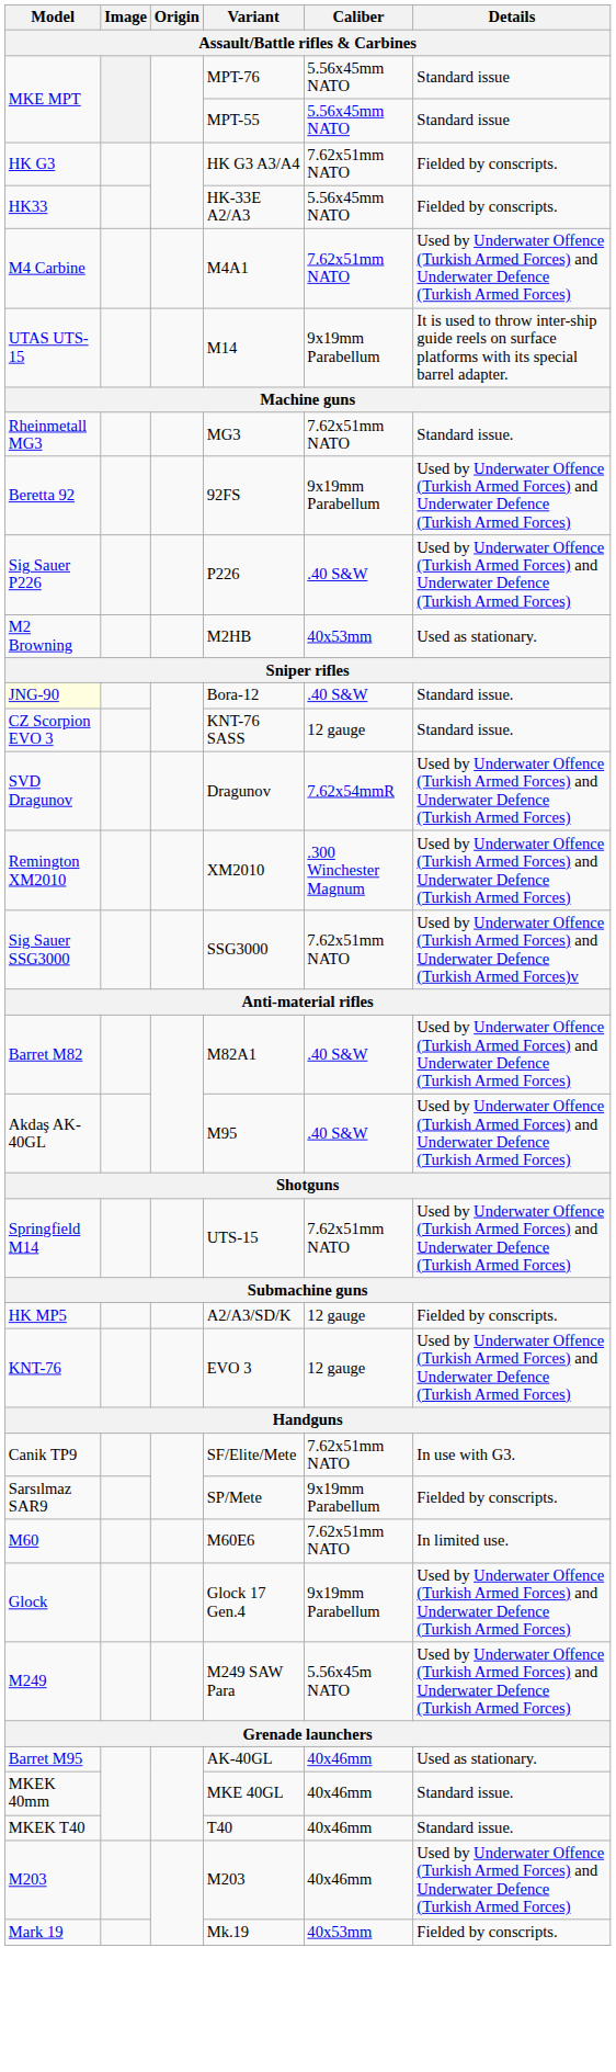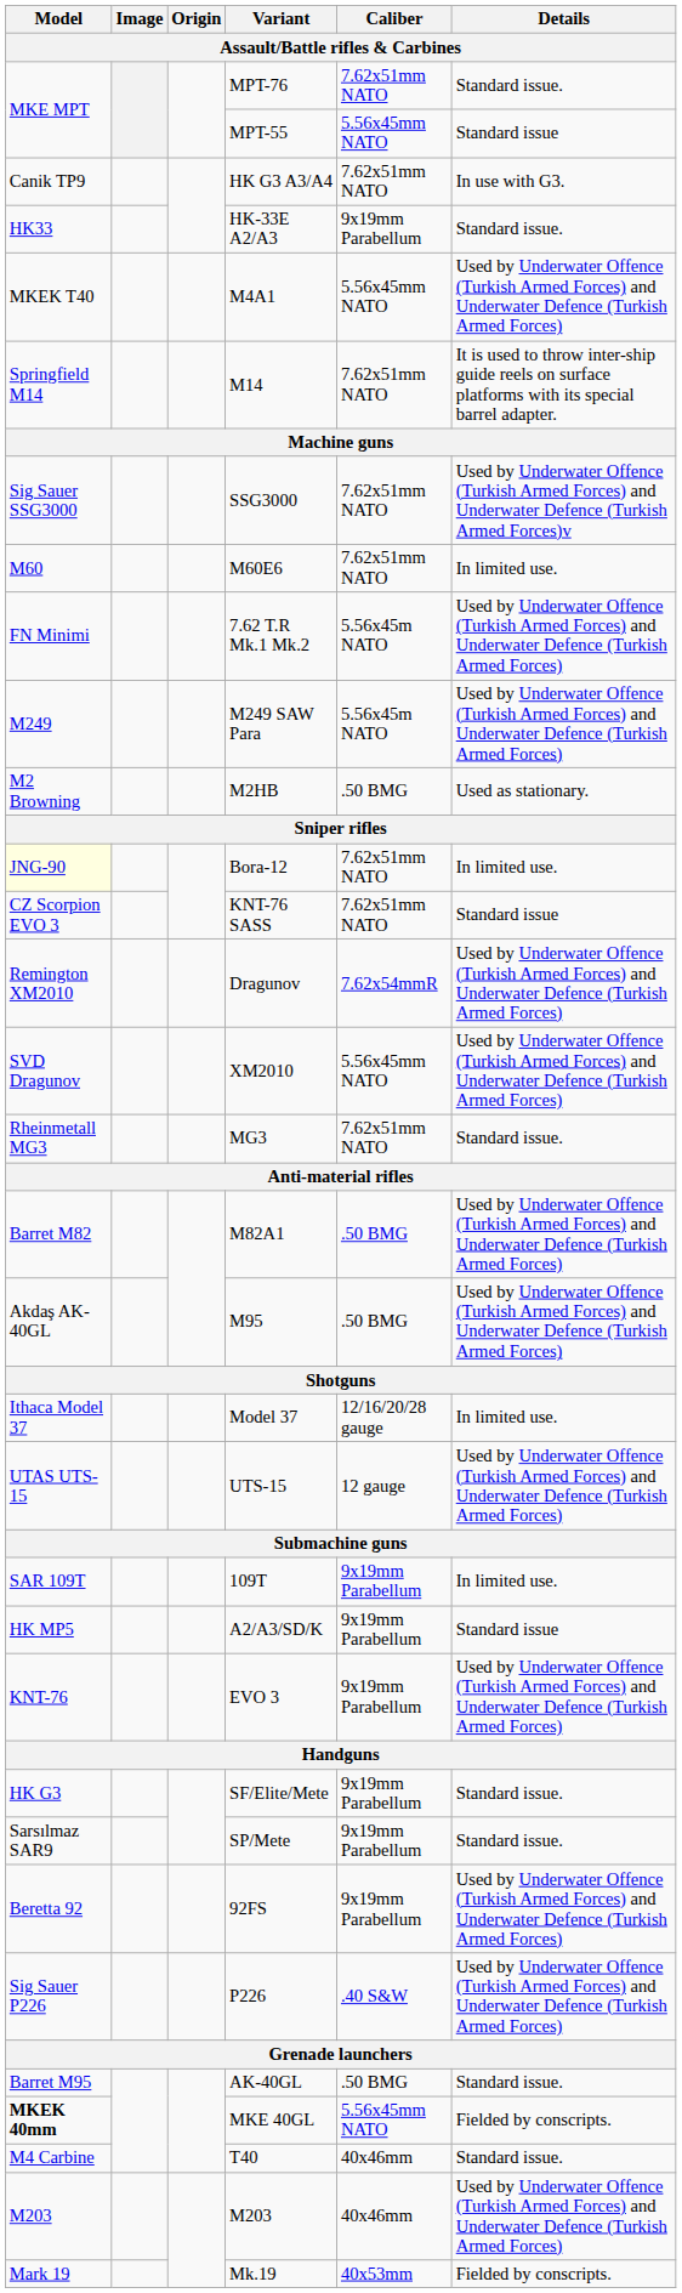 <table class="wikitable">
 <tr>
 <th>Model</th>
 <th>Image</th>
 <th>Origin</th>
 <th>Variant</th>
 <th>Caliber</th>
 <th>Details</th>
 </tr>
 <tr>
 <th colspan="6">Assault/Battle rifles & Carbines</th>
 </tr>
 <tr>
 <td rowspan="2"><a href='#'>MKE MPT</a></td>
 <th rowspan="2"></th>
 <td rowspan="2"></td>
 <td>MPT-76</td>
-<td>5.56x45mm NATO</td>
-<td>Standard issue</td>
+<td><a href='#'>7.62x51mm NATO</a></td>
+<td>Standard issue.</td>
 </tr>
 <tr>
 <td>MPT-55</td>
 <td><a href='#'>5.56x45mm NATO</a></td>
 <td>Standard issue</td>
 </tr>
 <tr>
-<td><a href='#'>HK G3</a></td>
+<td>Canik TP9</td>
 <td></td>
 <td rowspan="2"></td>
 <td>HK G3 A3/A4</td>
 <td>7.62x51mm NATO</td>
-<td>Fielded by conscripts.</td>
+<td>In use with G3.</td>
 </tr>
 <tr>
 <td><a href='#'>HK33</a></td>
 <td></td>
 <td>HK-33E A2/A3</td>
-<td>5.56x45mm NATO</td>
-<td>Fielded by conscripts.</td>
+<td>9x19mm Parabellum</td>
+<td>Standard issue.</td>
 </tr>
 <tr>
-<td><a href='#'>M4 Carbine</a></td>
+<td>MKEK T40</td>
 <td></td>
 <td></td>
 <td>M4A1</td>
-<td><a href='#'>7.62x51mm NATO</a></td>
+<td>5.56x45mm NATO</td>
 <td>Used by <a href='#'>Underwater Offence (Turkish Armed Forces)</a> and <a href='#'>Underwater Defence (Turkish Armed Forces)</a></td>
 </tr>
 <tr>
-<td><a href='#'>UTAS UTS-15</a></td>
+<td><a href='#'>Springfield M14</a></td>
 <td></td>
 <td></td>
 <td>M14</td>
-<td>9x19mm Parabellum</td>
+<td>7.62x51mm NATO</td>
 <td>It is used to throw inter-ship guide reels on surface platforms with its special barrel adapter.</td>
 </tr>
 <tr>
 <th colspan="6">Machine guns</th>
+</tr>
+<tr>
+<td><a href='#'>Sig Sauer SSG3000</a></td>
+<td></td>
+<td></td>
+<td>SSG3000</td>
+<td>7.62x51mm NATO</td>
+<td>Used by <a href='#'>Underwater Offence (Turkish Armed Forces)</a> and <a href='#'>Underwater Defence (Turkish Armed Forces)v</a></td>
+</tr>
+<tr>
+<td><a href='#'>M60</a></td>
+<td></td>
+<td></td>
+<td>M60E6</td>
+<td>7.62x51mm NATO</td>
+<td>In limited use.</td>
+</tr>
+<tr>
+<td><a href='#'>FN Minimi</a></td>
+<td></td>
+<td></td>
+<td>7.62 T.R<br>Mk.1 Mk.2</td>
+<td>5.56x45m NATO</td>
+<td>Used by <a href='#'>Underwater Offence (Turkish Armed Forces)</a> and <a href='#'>Underwater Defence (Turkish Armed Forces)</a></td>
+</tr>
+<tr>
+<td><a href='#'>M249</a></td>
+<td></td>
+<td><br></td>
+<td>M249 SAW Para</td>
+<td>5.56x45m NATO</td>
+<td>Used by <a href='#'>Underwater Offence (Turkish Armed Forces)</a> and <a href='#'>Underwater Defence (Turkish Armed Forces)</a></td>
+</tr>
+<tr>
+<td><a href='#'>M2 Browning</a></td>
+<td></td>
+<td></td>
+<td>M2HB</td>
+<td>.50 BMG</td>
+<td>Used as stationary.</td>
+</tr>
+<tr>
+<th colspan="6">Sniper rifles</th>
+</tr>
+<tr>
+<td style="background: lightyellow;"><a href='#'>JNG-90</a></td>
+<td></td>
+<td rowspan="2"></td>
+<td>Bora-12</td>
+<td>7.62x51mm NATO</td>
+<td>In limited use.</td>
+</tr>
+<tr>
+<td><a href='#'>CZ Scorpion EVO 3</a></td>
+<td></td>
+<td>KNT-76 SASS</td>
+<td>7.62x51mm NATO</td>
+<td>Standard issue</td>
+</tr>
+<tr>
+<td><a href='#'>Remington XM2010</a></td>
+<td></td>
+<td></td>
+<td>Dragunov</td>
+<td><a href='#'>7.62x54mmR</a></td>
+<td>Used by <a href='#'>Underwater Offence (Turkish Armed Forces)</a> and <a href='#'>Underwater Defence (Turkish Armed Forces)</a></td>
+</tr>
+<tr>
+<td><a href='#'>SVD Dragunov</a></td>
+<td></td>
+<td></td>
+<td>XM2010</td>
+<td>5.56x45mm NATO</td>
+<td>Used by <a href='#'>Underwater Offence (Turkish Armed Forces)</a> and <a href='#'>Underwater Defence (Turkish Armed Forces)</a></td>
 </tr>
 <tr>
 <td><a href='#'>Rheinmetall MG3</a></td>
 <td></td>
 <td></td>
 <td>MG3</td>
 <td>7.62x51mm NATO</td>
+<td>Standard issue.</td>
+</tr>
+<tr>
+<th colspan="6">Anti-material rifles</th>
+</tr>
+<tr>
+<td><a href='#'>Barret M82</a></td>
+<td></td>
+<td rowspan="2"></td>
+<td>M82A1</td>
+<td><a href='#'>.50 BMG</a></td>
+<td>Used by <a href='#'>Underwater Offence (Turkish Armed Forces)</a> and <a href='#'>Underwater Defence (Turkish Armed Forces)</a></td>
+</tr>
+<tr>
+<td>Akdaş AK-40GL</td>
+<td></td>
+<td>M95</td>
+<td>.50 BMG</td>
+<td>Used by <a href='#'>Underwater Offence (Turkish Armed Forces)</a> and <a href='#'>Underwater Defence (Turkish Armed Forces)</a></td>
+</tr>
+<tr>
+<th colspan="6">Shotguns</th>
+</tr>
+<tr>
+<td><a href='#'>Ithaca Model 37</a></td>
+<td></td>
+<td></td>
+<td>Model 37</td>
+<td>12/16/20/28 gauge</td>
+<td>In limited use.</td>
+</tr>
+<tr>
+<td><a href='#'>UTAS UTS-15</a></td>
+<td></td>
+<td></td>
+<td>UTS-15</td>
+<td>12 gauge</td>
+<td>Used by <a href='#'>Underwater Offence (Turkish Armed Forces)</a> and <a href='#'>Underwater Defence (Turkish Armed Forces)</a></td>
+</tr>
+<tr>
+<th colspan="6">Submachine guns</th>
+</tr>
+<tr>
+<td><a href='#'>SAR 109T</a></td>
+<td></td>
+<td></td>
+<td>109T</td>
+<td><a href='#'>9x19mm Parabellum</a></td>
+<td>In limited use.</td>
+</tr>
+<tr>
+<td><a href='#'>HK MP5</a></td>
+<td></td>
+<td></td>
+<td>A2/A3/SD/K</td>
+<td>9x19mm Parabellum</td>
+<td>Standard issue</td>
+</tr>
+<tr>
+<td><a href='#'>KNT-76</a></td>
+<td></td>
+<td></td>
+<td>EVO 3</td>
+<td>9x19mm Parabellum</td>
+<td>Used by <a href='#'>Underwater Offence (Turkish Armed Forces)</a> and <a href='#'>Underwater Defence (Turkish Armed Forces)</a></td>
+</tr>
+<tr>
+<th colspan="6">Handguns</th>
+</tr>
+<tr>
+<td><a href='#'>HK G3</a></td>
+<td></td>
+<td rowspan="2"></td>
+<td>SF/Elite/Mete</td>
+<td>9x19mm Parabellum</td>
+<td>Standard issue.</td>
+</tr>
+<tr>
+<td>Sarsılmaz SAR9</td>
+<td></td>
+<td>SP/Mete</td>
+<td>9x19mm Parabellum</td>
 <td>Standard issue.</td>
 </tr>
 <tr>
 <td><a href='#'>Beretta 92</a></td>
 <td></td>
 <td></td>
 <td>92FS</td>
 <td>9x19mm Parabellum</td>
 <td>Used by <a href='#'>Underwater Offence (Turkish Armed Forces)</a> and <a href='#'>Underwater Defence (Turkish Armed Forces)</a></td>
 </tr>
 <tr>
 <td><a href='#'>Sig Sauer P226</a></td>
 <td></td>
 <td></td>
 <td>P226</td>
 <td><a href='#'>.40 S&W</a></td>
 <td>Used by <a href='#'>Underwater Offence (Turkish Armed Forces)</a> and <a href='#'>Underwater Defence (Turkish Armed Forces)</a></td>
 </tr>
 <tr>
-<td><a href='#'>M2 Browning</a></td>
-<td></td>
-<td></td>
-<td>M2HB</td>
-<td><a href='#'>40x53mm</a></td>
-<td>Used as stationary.</td>
-</tr>
-<tr>
-<th colspan="6">Sniper rifles</th>
-</tr>
-<tr>
-<td style="background: lightyellow;"><a href='#'>JNG-90</a></td>
-<td></td>
-<td rowspan="2"></td>
-<td>Bora-12</td>
-<td><a href='#'>.40 S&W</a></td>
-<td>Standard issue.</td>
-</tr>
-<tr>
-<td><a href='#'>CZ Scorpion EVO 3</a></td>
-<td></td>
-<td>KNT-76 SASS</td>
-<td>12 gauge</td>
-<td>Standard issue.</td>
-</tr>
-<tr>
-<td><a href='#'>SVD Dragunov</a></td>
-<td></td>
-<td></td>
-<td>Dragunov</td>
-<td><a href='#'>7.62x54mmR</a></td>
-<td>Used by <a href='#'>Underwater Offence (Turkish Armed Forces)</a> and <a href='#'>Underwater Defence (Turkish Armed Forces)</a></td>
-</tr>
-<tr>
-<td><a href='#'>Remington XM2010</a></td>
-<td></td>
-<td></td>
-<td>XM2010</td>
-<td><a href='#'>.300 Winchester Magnum</a></td>
-<td>Used by <a href='#'>Underwater Offence (Turkish Armed Forces)</a> and <a href='#'>Underwater Defence (Turkish Armed Forces)</a></td>
-</tr>
-<tr>
-<td><a href='#'>Sig Sauer SSG3000</a></td>
-<td></td>
-<td></td>
-<td>SSG3000</td>
-<td>7.62x51mm NATO</td>
-<td>Used by <a href='#'>Underwater Offence (Turkish Armed Forces)</a> and <a href='#'>Underwater Defence (Turkish Armed Forces)v</a></td>
-</tr>
-<tr>
-<th colspan="6">Anti-material rifles</th>
-</tr>
-<tr>
-<td><a href='#'>Barret M82</a></td>
-<td></td>
-<td rowspan="2"></td>
-<td>M82A1</td>
-<td><a href='#'>.40 S&W</a></td>
-<td>Used by <a href='#'>Underwater Offence (Turkish Armed Forces)</a> and <a href='#'>Underwater Defence (Turkish Armed Forces)</a></td>
-</tr>
-<tr>
-<td>Akdaş AK-40GL</td>
-<td></td>
-<td>M95</td>
-<td><a href='#'>.40 S&W</a></td>
-<td>Used by <a href='#'>Underwater Offence (Turkish Armed Forces)</a> and <a href='#'>Underwater Defence (Turkish Armed Forces)</a></td>
-</tr>
-<tr>
-<th colspan="6">Shotguns</th>
-</tr>
-<tr>
-<td><a href='#'>Springfield M14</a></td>
-<td></td>
-<td></td>
-<td>UTS-15</td>
-<td>7.62x51mm NATO</td>
-<td>Used by <a href='#'>Underwater Offence (Turkish Armed Forces)</a> and <a href='#'>Underwater Defence (Turkish Armed Forces)</a></td>
-</tr>
-<tr>
-<th colspan="6">Submachine guns</th>
-</tr>
-<tr>
-<td><a href='#'>HK MP5</a></td>
-<td></td>
-<td></td>
-<td>A2/A3/SD/K</td>
-<td>12 gauge</td>
-<td>Fielded by conscripts.</td>
-</tr>
-<tr>
-<td><a href='#'>KNT-76</a></td>
-<td></td>
-<td></td>
-<td>EVO 3</td>
-<td>12 gauge</td>
-<td>Used by <a href='#'>Underwater Offence (Turkish Armed Forces)</a> and <a href='#'>Underwater Defence (Turkish Armed Forces)</a></td>
-</tr>
-<tr>
-<th colspan="6">Handguns</th>
-</tr>
-<tr>
-<td>Canik TP9</td>
-<td></td>
-<td rowspan="2"></td>
-<td>SF/Elite/Mete</td>
-<td>7.62x51mm NATO</td>
-<td>In use with G3.</td>
-</tr>
-<tr>
-<td>Sarsılmaz SAR9</td>
-<td></td>
-<td>SP/Mete</td>
-<td>9x19mm Parabellum</td>
-<td>Fielded by conscripts.</td>
-</tr>
-<tr>
-<td><a href='#'>M60</a></td>
-<td></td>
-<td></td>
-<td>M60E6</td>
-<td>7.62x51mm NATO</td>
-<td>In limited use.</td>
-</tr>
-<tr>
-<td><a href='#'>Glock</a></td>
-<td></td>
-<td></td>
-<td>Glock 17 Gen.4</td>
-<td>9x19mm Parabellum</td>
-<td>Used by <a href='#'>Underwater Offence (Turkish Armed Forces)</a> and <a href='#'>Underwater Defence (Turkish Armed Forces)</a></td>
-</tr>
-<tr>
-<td><a href='#'>M249</a></td>
-<td></td>
-<td><br></td>
-<td>M249 SAW Para</td>
-<td>5.56x45m NATO</td>
-<td>Used by <a href='#'>Underwater Offence (Turkish Armed Forces)</a> and <a href='#'>Underwater Defence (Turkish Armed Forces)</a></td>
-</tr>
-<tr>
 <th colspan="6">Grenade launchers</th>
 </tr>
 <tr>
 <td><a href='#'>Barret M95</a></td>
 <td rowspan="3"></td>
 <td rowspan="3"></td>
 <td>AK-40GL</td>
-<td><a href='#'>40x46mm</a></td>
-<td>Used as stationary.</td>
-</tr>
-<tr>
-<td>MKEK 40mm</td>
-<td>MKE 40GL</td>
-<td>40x46mm</td>
+<td>.50 BMG</td>
 <td>Standard issue.</td>
 </tr>
 <tr>
-<td>MKEK T40</td>
+<td><strong>MKEK 40mm</strong></td>
+<td>MKE 40GL</td>
+<td><a href='#'>5.56x45mm NATO</a></td>
+<td>Fielded by conscripts.</td>
+</tr>
+<tr>
+<td><a href='#'>M4 Carbine</a></td>
 <td>T40</td>
 <td>40x46mm</td>
 <td>Standard issue.</td>
 </tr>
 <tr>
 <td><a href='#'>M203</a></td>
 <td></td>
 <td rowspan="2"></td>
 <td>M203</td>
 <td>40x46mm</td>
 <td>Used by <a href='#'>Underwater Offence (Turkish Armed Forces)</a> and <a href='#'>Underwater Defence (Turkish Armed Forces)</a></td>
 </tr>
 <tr>
 <td><a href='#'>Mark 19</a></td>
 <td></td>
 <td>Mk.19</td>
 <td><a href='#'>40x53mm</a></td>
 <td>Fielded by conscripts.</td>
 </tr>
 </table>
